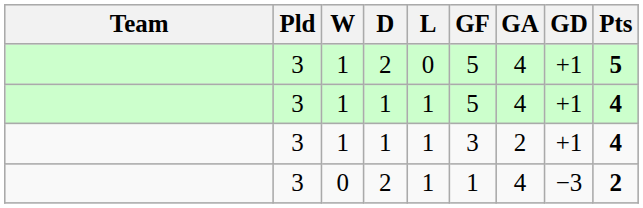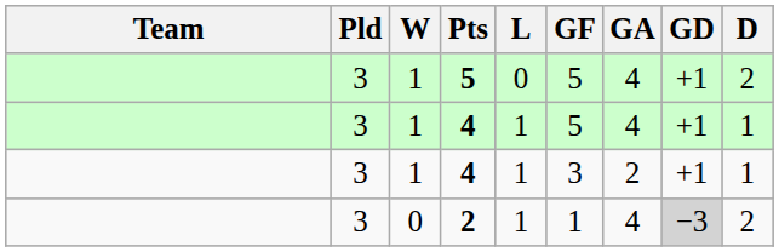 <table class="wikitable" style="text-align: center;">
 <tr>
 <th width="165">Team</th>
 <th width="20">Pld</th>
 <th width="20">W</th>
-<th width="20">D</th>
+<th width="20">Pts</th>
 <th width="20">L</th>
 <th width="20">GF</th>
 <th width="20">GA</th>
 <th width="20">GD</th>
-<th width="20">Pts</th>
+<th width="20">D</th>
 </tr>
 <tr bgcolor="#ccffcc">
 <td align="left"></td>
 <td>3</td>
 <td>1</td>
-<td>2</td>
+<td><strong>5</strong></td>
 <td>0</td>
 <td>5</td>
 <td>4</td>
 <td>+1</td>
-<td><strong>5</strong></td>
+<td>2</td>
 </tr>
 <tr bgcolor="#ccffcc">
 <td align="left"></td>
 <td>3</td>
 <td>1</td>
-<td>1</td>
+<td><strong>4</strong></td>
 <td>1</td>
 <td>5</td>
 <td>4</td>
 <td>+1</td>
-<td><strong>4</strong></td>
+<td>1</td>
 </tr>
 <tr>
 <td align="left"></td>
 <td>3</td>
 <td>1</td>
-<td>1</td>
+<td><strong>4</strong></td>
 <td>1</td>
 <td>3</td>
 <td>2</td>
 <td>+1</td>
-<td><strong>4</strong></td>
+<td>1</td>
 </tr>
 <tr>
 <td align="left"></td>
 <td>3</td>
 <td>0</td>
-<td>2</td>
+<td><strong>2</strong></td>
 <td>1</td>
 <td>1</td>
 <td>4</td>
-<td>−3</td>
-<td><strong>2</strong></td>
+<td style="background: lightgrey;">−3</td>
+<td>2</td>
 </tr>
 </table>
